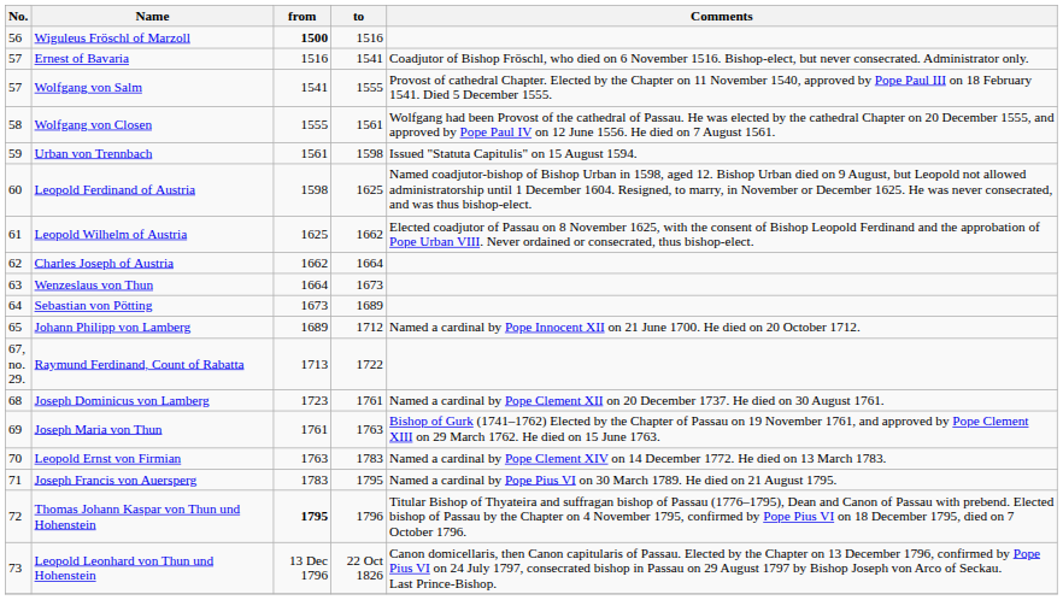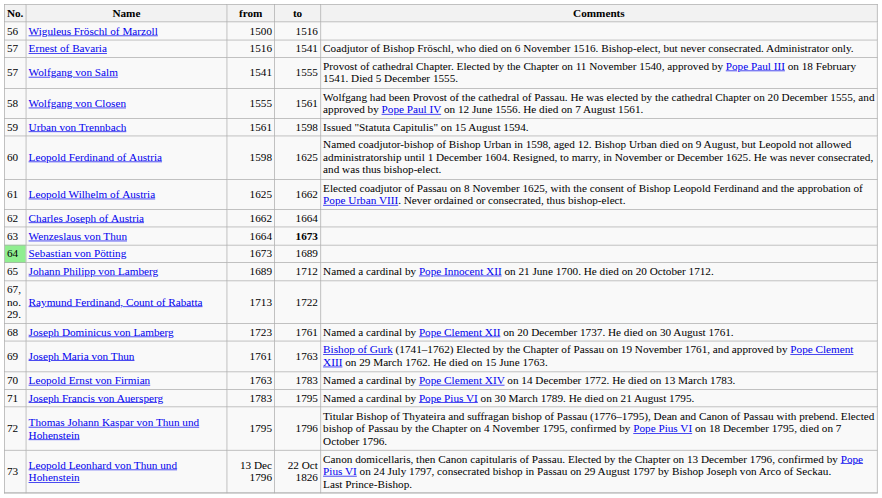 <table class="wikitable">
 <tr>
 <th bgcolor="silver" width="1%">No.</th>
 <th bgcolor="silver" width="23%">Name</th>
 <th bgcolor="silver">from</th>
 <th bgcolor="silver">to</th>
 <th bgcolor="silver">Comments</th>
 </tr>
 <tr>
 <td>56</td>
 <td><a href='#'>Wiguleus Fröschl of Marzoll</a></td>
-<td align="right"><strong>1500</strong></td>
+<td align="right">1500</td>
 <td align="right">1516</td>
 <td> </td>
 </tr>
 <tr>
 <td>57</td>
 <td><a href='#'>Ernest of Bavaria</a></td>
 <td align="right">1516</td>
 <td align="right">1541</td>
 <td>Coadjutor of Bishop Fröschl, who died on 6 November 1516. Bishop-elect, but never consecrated. Administrator only.</td>
 </tr>
 <tr>
 <td>57</td>
 <td><a href='#'>Wolfgang von Salm</a></td>
 <td align="right">1541</td>
 <td align="right">1555</td>
 <td>Provost of cathedral Chapter. Elected by the Chapter on 11 November 1540, approved by <a href='#'>Pope Paul III</a> on 18 February 1541. Died 5 December 1555.</td>
 </tr>
 <tr>
 <td>58</td>
 <td><a href='#'>Wolfgang von Closen</a></td>
 <td align="right">1555</td>
 <td align="right">1561</td>
 <td>Wolfgang had been Provost of the cathedral of Passau. He was elected by the cathedral Chapter on 20 December 1555, and approved by <a href='#'>Pope Paul IV</a> on 12 June 1556. He died on 7 August 1561.</td>
 </tr>
 <tr>
 <td>59</td>
 <td><a href='#'>Urban von Trennbach</a></td>
 <td align="right">1561</td>
 <td align="right">1598</td>
 <td>Issued "Statuta Capitulis" on 15 August 1594.</td>
 </tr>
 <tr>
 <td>60</td>
 <td><a href='#'>Leopold Ferdinand of Austria</a></td>
 <td align="right">1598</td>
 <td align="right">1625</td>
 <td>Named coadjutor-bishop of Bishop Urban in 1598, aged 12. Bishop Urban died on 9 August, but Leopold not allowed administratorship until 1 December 1604. Resigned, to marry, in November or December 1625. He was never consecrated, and was thus bishop-elect.</td>
 </tr>
 <tr>
 <td>61</td>
 <td><a href='#'>Leopold Wilhelm of Austria</a></td>
 <td align="right">1625</td>
 <td align="right">1662</td>
 <td>Elected coadjutor of Passau on 8 November 1625, with the consent of Bishop Leopold Ferdinand and the approbation of <a href='#'>Pope Urban VIII</a>. Never ordained or consecrated, thus bishop-elect.</td>
 </tr>
 <tr>
 <td>62</td>
 <td><a href='#'>Charles Joseph of Austria</a></td>
 <td align="right">1662</td>
 <td align="right">1664</td>
 <td> </td>
 </tr>
 <tr>
 <td>63</td>
 <td><a href='#'>Wenzeslaus von Thun</a></td>
 <td align="right">1664</td>
-<td align="right">1673</td>
+<td align="right"><strong>1673</strong></td>
 <td> </td>
 </tr>
 <tr>
-<td>64</td>
+<td style="background: lightgreen;">64</td>
 <td><a href='#'>Sebastian von Pötting</a></td>
 <td align="right">1673</td>
 <td align="right">1689</td>
 <td> </td>
 </tr>
 <tr>
 <td>65</td>
 <td><a href='#'>Johann Philipp von Lamberg</a></td>
 <td align="right">1689</td>
 <td align="right">1712</td>
 <td>Named a cardinal by <a href='#'>Pope Innocent XII</a> on 21 June 1700. He died on 20 October 1712.</td>
 </tr>
 <tr>
 <td>67, no. 29.</td>
 <td><a href='#'>Raymund Ferdinand, Count of Rabatta</a></td>
 <td align="right">1713</td>
 <td align="right">1722</td>
 <td> </td>
 </tr>
 <tr>
 <td>68</td>
 <td><a href='#'>Joseph Dominicus von Lamberg</a></td>
 <td align="right">1723</td>
 <td align="right">1761</td>
 <td>Named a cardinal by <a href='#'>Pope Clement XII</a> on 20 December 1737. He died on 30 August 1761.</td>
 </tr>
 <tr>
 <td>69</td>
 <td><a href='#'>Joseph Maria von Thun</a></td>
 <td align="right">1761</td>
 <td align="right">1763</td>
 <td><a href='#'>Bishop of Gurk</a> (1741–1762) Elected by the Chapter of Passau on 19 November 1761, and approved by <a href='#'>Pope Clement XIII</a> on 29 March 1762. He died on 15 June 1763.</td>
 </tr>
 <tr>
 <td>70</td>
 <td><a href='#'>Leopold Ernst von Firmian</a></td>
 <td align="right">1763</td>
 <td align="right">1783</td>
 <td>Named a cardinal by <a href='#'>Pope Clement XIV</a> on 14 December 1772. He died on 13 March 1783.</td>
 </tr>
 <tr>
 <td>71</td>
 <td><a href='#'>Joseph Francis von Auersperg</a></td>
 <td align="right">1783</td>
 <td align="right">1795</td>
 <td>Named a cardinal by <a href='#'>Pope Pius VI</a> on 30 March 1789. He died on 21 August 1795.</td>
 </tr>
 <tr>
 <td>72</td>
 <td><a href='#'>Thomas Johann Kaspar von Thun und Hohenstein</a></td>
-<td align="right"><strong>1795</strong></td>
+<td align="right">1795</td>
 <td align="right">1796</td>
 <td>Titular Bishop of Thyateira and suffragan bishop of Passau (1776–1795), Dean and Canon of Passau with prebend. Elected bishop of Passau by the Chapter on 4 November 1795, confirmed by <a href='#'>Pope Pius VI</a> on 18 December 1795, died on 7 October 1796.</td>
 </tr>
 <tr>
 <td>73</td>
 <td><a href='#'>Leopold Leonhard von Thun und Hohenstein</a></td>
 <td align="right">13 Dec 1796</td>
 <td align="right">22 Oct 1826</td>
 <td>Canon domicellaris, then Canon capitularis of Passau. Elected by the Chapter on 13 December 1796, confirmed by <a href='#'>Pope Pius VI</a> on 24 July 1797, consecrated bishop in Passau on 29 August 1797 by Bishop Joseph von Arco of Seckau.<br> Last Prince-Bishop.</td>
 </tr>
 <tr>
 </tr>
 </table>
